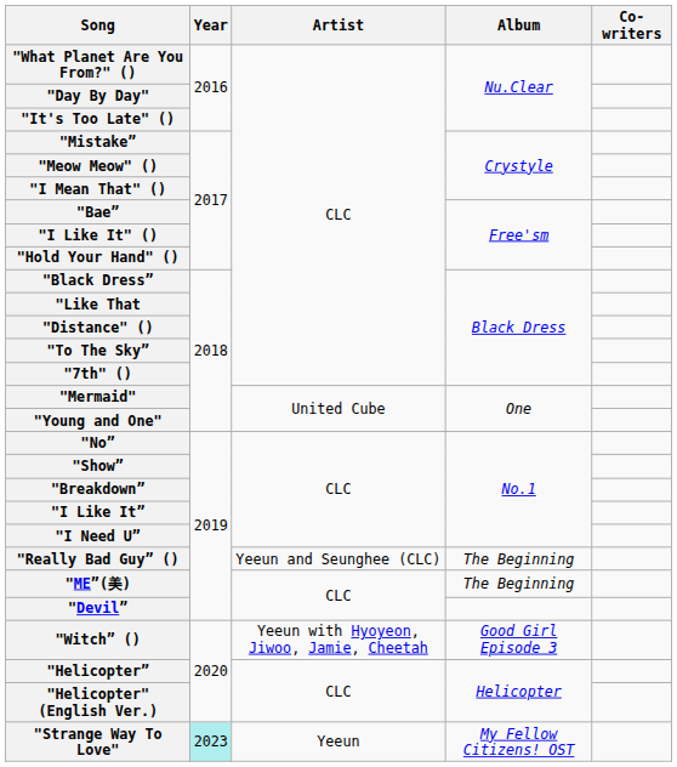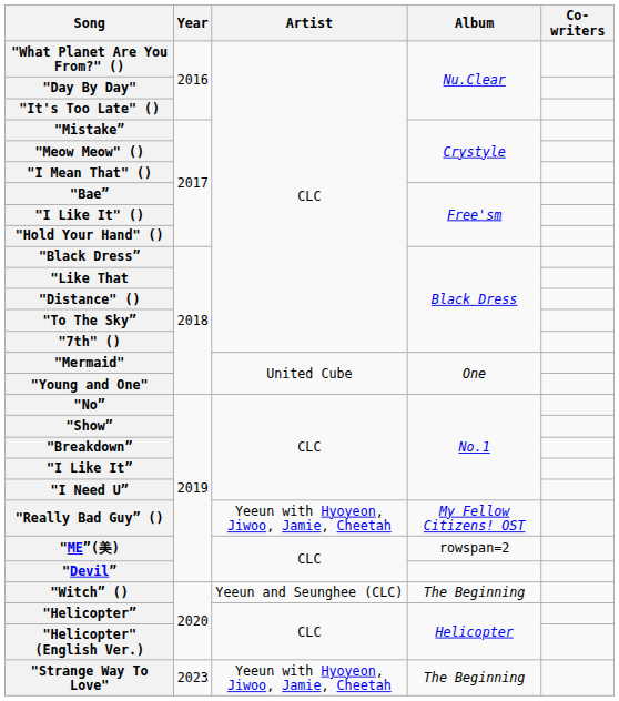 <table class="wikitable plainrowheaders" style="text-align:center">
 <tr>
 <th>Song</th>
 <th>Year</th>
 <th>Artist</th>
 <th>Album</th>
 <th>Co-writers</th>
 </tr>
 <tr>
 <th scope="row">"What Planet Are You From?" ()</th>
 <td rowspan="3">2016</td>
 <td rowspan="14">CLC</td>
 <td rowspan="3"><em><a href='#'>Nu.Clear</a></em></td>
 <td></td>
 </tr>
 <tr>
 <th scope="row">"Day By Day"</th>
 <td></td>
 </tr>
 <tr>
 <th scope="row">"It's Too Late" ()</th>
 <td></td>
 </tr>
 <tr>
 <th scope="row">"Mistake”</th>
 <td rowspan="6">2017</td>
 <td rowspan="3"><em><a href='#'>Crystyle</a></em></td>
 <td></td>
 </tr>
 <tr>
 <th scope="row">"Meow Meow" ()</th>
 <td></td>
 </tr>
 <tr>
 <th scope="row">"I Mean That" ()</th>
 <td></td>
 </tr>
 <tr>
 <th scope="row">"Bae”</th>
 <td rowspan="3"><em><a href='#'>Free'sm</a></em></td>
 <td></td>
 </tr>
 <tr>
 <th scope="row">"I Like It" ()</th>
 <td></td>
 </tr>
 <tr>
 <th scope="row">"Hold Your Hand" ()</th>
 <td></td>
 </tr>
 <tr>
 <th scope="row">"Black Dress”</th>
 <td rowspan="7">2018</td>
 <td rowspan="5"><em><a href='#'>Black Dress</a></em></td>
 <td></td>
 </tr>
 <tr>
 <th scope="row">"Like That</th>
 <td></td>
 </tr>
 <tr>
 <th scope="row">"Distance" ()</th>
 <td></td>
 </tr>
 <tr>
 <th scope="row">"To The Sky”</th>
 <td></td>
 </tr>
 <tr>
 <th scope="row">"7th" ()</th>
 <td></td>
 </tr>
 <tr>
 <th scope="row">"Mermaid"</th>
 <td rowspan="2">United Cube</td>
 <td rowspan="2"><em>One</em></td>
 <td></td>
 </tr>
 <tr>
 <th scope="row">"Young and One"</th>
 <td></td>
 </tr>
 <tr>
 <th scope="row">"No”</th>
 <td rowspan="8">2019</td>
 <td rowspan="5">CLC</td>
 <td rowspan="5"><em><a href='#'>No.1</a></em></td>
 <td></td>
 </tr>
 <tr>
 <th scope="row">"Show”</th>
 <td></td>
 </tr>
 <tr>
 <th scope="row">"Breakdown”</th>
 <td></td>
 </tr>
 <tr>
 <th scope="row">"I Like It”</th>
 <td></td>
 </tr>
 <tr>
 <th scope="row">"I Need U”</th>
 <td></td>
 </tr>
 <tr>
 <th scope="row">"Really Bad Guy” ()</th>
-<td>Yeeun and Seunghee (CLC)</td>
-<td><em>The Beginning</em></td>
+<td>Yeeun with <a href='#'>Hyoyeon</a>, <a href='#'>Jiwoo</a>, <a href='#'>Jamie</a>, <a href='#'>Cheetah</a></td>
+<td><em><a href='#'>My Fellow Citizens! OST</a></em></td>
 <td></td>
 </tr>
 <tr>
 <th scope="row">"<a href='#'>ME</a>”(美)</th>
 <td rowspan="2">CLC</td>
-<td><em>The Beginning</em></td>
+<td>rowspan=2</td>
 <td></td>
 </tr>
 <tr>
 <th scope="row">"<a href='#'>Devil</a>”</th>
 <td></td>
 </tr>
 <tr>
 <th scope="row">"Witch” ()</th>
 <td rowspan="3">2020</td>
-<td>Yeeun with <a href='#'>Hyoyeon</a>, <a href='#'>Jiwoo</a>, <a href='#'>Jamie</a>, <a href='#'>Cheetah</a></td>
-<td><em><a href='#'>Good Girl Episode 3</a></em></td>
+<td>Yeeun and Seunghee (CLC)</td>
+<td><em>The Beginning</em></td>
 <td></td>
 </tr>
 <tr>
 <th scope="row">"Helicopter”</th>
 <td rowspan="2">CLC</td>
 <td rowspan="2"><em><a href='#'>Helicopter</a></em></td>
 <td></td>
 </tr>
 <tr>
 <th scope="row">"Helicopter" (English Ver.)</th>
 <td></td>
 </tr>
 <tr>
 <th scope="row">"Strange Way To Love"</th>
-<td style="background: paleturquoise;">2023</td>
-<td>Yeeun</td>
-<td><em><a href='#'>My Fellow Citizens! OST</a></em></td>
+<td>2023</td>
+<td>Yeeun with <a href='#'>Hyoyeon</a>, <a href='#'>Jiwoo</a>, <a href='#'>Jamie</a>, <a href='#'>Cheetah</a></td>
+<td><em>The Beginning</em></td>
 <td></td>
 </tr>
 </table>
